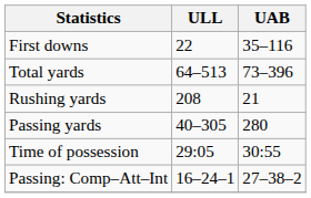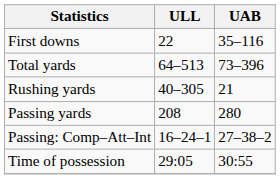 <table class="wikitable" style="float: left;">
 <tr>
 <th>Statistics</th>
 <th>ULL</th>
 <th>UAB</th>
 </tr>
 <tr>
 <td>First downs</td>
 <td>22</td>
 <td>35–116</td>
 </tr>
 <tr>
 <td>Total yards</td>
 <td>64–513</td>
 <td>73–396</td>
 </tr>
 <tr>
 <td>Rushing yards</td>
-<td>208</td>
+<td>40–305</td>
 <td>21</td>
 </tr>
 <tr>
 <td>Passing yards</td>
-<td>40–305</td>
+<td>208</td>
 <td>280</td>
+</tr>
+<tr>
+<td>Passing: Comp–Att–Int</td>
+<td>16–24–1</td>
+<td>27–38–2</td>
 </tr>
 <tr>
 <td>Time of possession</td>
 <td>29:05</td>
 <td>30:55</td>
 </tr>
 <tr>
-<td>Passing: Comp–Att–Int</td>
-<td>16–24–1</td>
-<td>27–38–2</td>
-</tr>
-<tr>
 </tr>
 </table>
